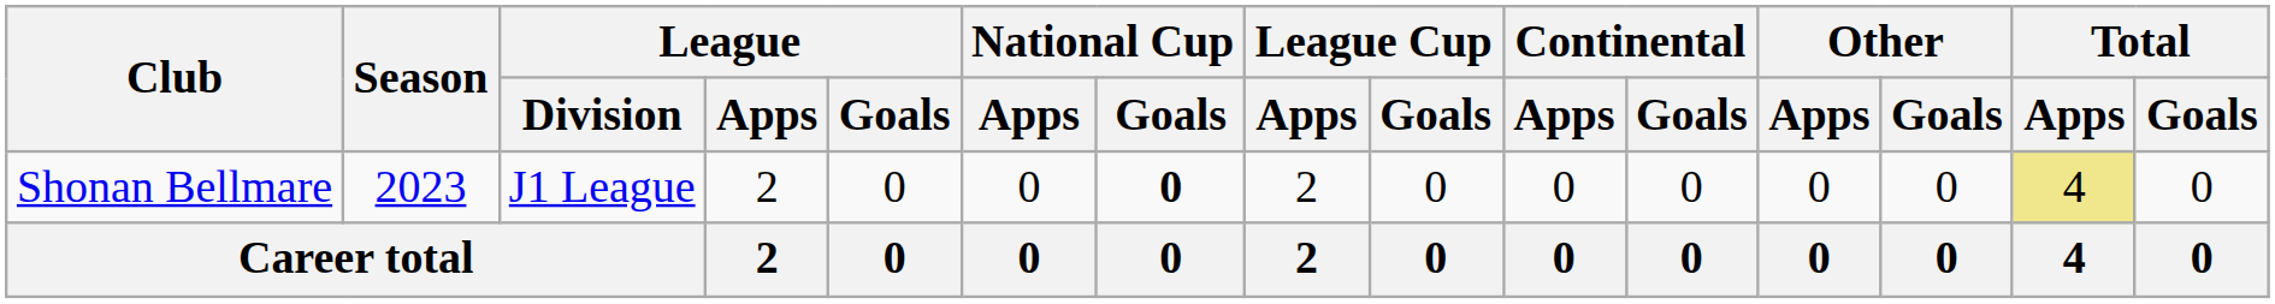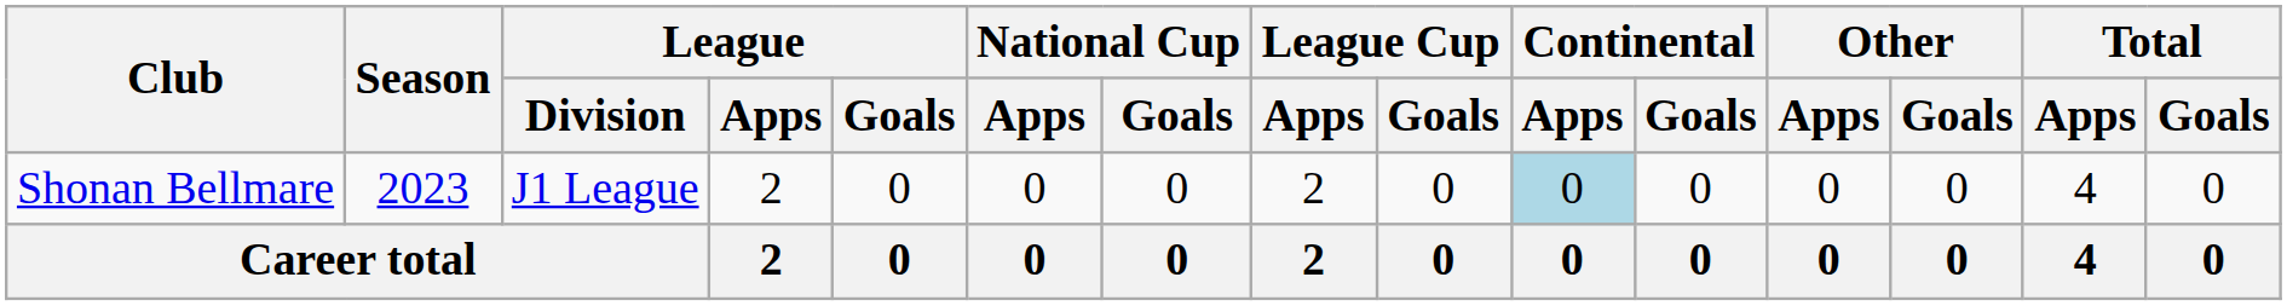 <table class="wikitable" style="text-align: center">
 <tr>
 <th rowspan="2">Club</th>
 <th rowspan="2">Season</th>
 <th colspan="3">League</th>
 <th colspan="2">National Cup</th>
 <th colspan="2">League Cup</th>
 <th colspan="2">Continental</th>
 <th colspan="2">Other</th>
 <th colspan="2">Total</th>
 </tr>
 <tr>
 <th>Division</th>
 <th>Apps</th>
 <th>Goals</th>
 <th>Apps</th>
 <th>Goals</th>
 <th>Apps</th>
 <th>Goals</th>
 <th>Apps</th>
 <th>Goals</th>
 <th>Apps</th>
 <th>Goals</th>
 <th>Apps</th>
 <th>Goals</th>
 </tr>
 <tr>
 <td><a href='#'>Shonan Bellmare</a></td>
 <td><a href='#'>2023</a></td>
 <td><a href='#'>J1 League</a></td>
 <td>2</td>
 <td>0</td>
 <td>0</td>
-<td><strong>0</strong></td>
+<td>0</td>
 <td>2</td>
+<td>0</td>
+<td style="background: lightblue;">0</td>
 <td>0</td>
 <td>0</td>
 <td>0</td>
-<td>0</td>
-<td>0</td>
-<td style="background: khaki;">4</td>
+<td>4</td>
 <td>0</td>
 </tr>
 <tr>
 <th colspan=3>Career total</th>
 <th>2</th>
 <th>0</th>
 <th>0</th>
 <th>0</th>
 <th>2</th>
 <th>0</th>
 <th>0</th>
 <th>0</th>
 <th>0</th>
 <th>0</th>
 <th>4</th>
 <th>0</th>
 </tr>
 </table>
